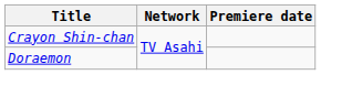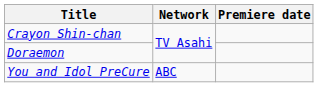 <table class="wikitable sortable">
 <tr>
 <th>Title</th>
 <th>Network</th>
 <th>Premiere date</th>
 </tr>
 <tr>
 <td><em><a href='#'>Crayon Shin-chan</a></em></td>
 <td rowspan="2"><a href='#'>TV Asahi</a></td>
 <td></td>
 </tr>
 <tr>
 <td><em><a href='#'>Doraemon</a></em></td>
 <td></td>
 </tr>
+<tr>
+<td><em><a href='#'>You and Idol PreCure</a></em></td>
+<td><a href='#'>ABC</a></td>
+<td></td>
+</tr>
 </table>
